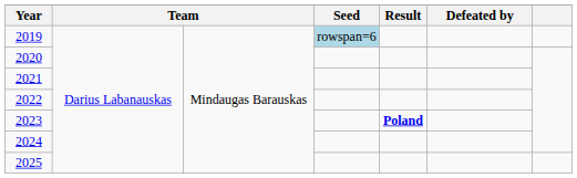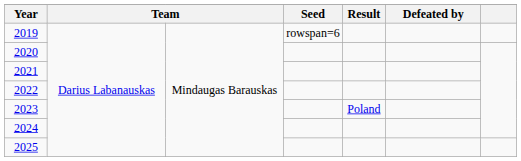 <table class="wikitable" style="text-align: center;">
 <tr style= "background: #e2e2e2;">
 </tr>
 <tr style="background: #efefef;">
 <th width=50px>Year</th>
 <th colspan="2">Team</th>
 <th width=50px>Seed</th>
 <th width=50px>Result</th>
 <th width=120px>Defeated by</th>
 <th width=40px></th>
 </tr>
 <tr>
 <td><a href='#'>2019</a></td>
 <td rowspan=7 width=150px><a href='#'>Darius Labanauskas</a></td>
 <td rowspan=7 width=150px>Mindaugas Barauskas</td>
-<td style="background: lightblue;">rowspan=6 </td>
+<td>rowspan=6 </td>
 <td></td>
 <td> </td>
 <td></td>
 </tr>
 <tr>
 <td><a href='#'>2020</a></td>
 <td></td>
 <td> </td>
 <td></td>
 </tr>
 <tr>
 <td><a href='#'>2021</a></td>
 <td></td>
 <td> </td>
 <td></td>
 </tr>
 <tr>
 <td><a href='#'>2022</a></td>
 <td></td>
 <td> </td>
 <td></td>
 </tr>
 <tr>
 <td><a href='#'>2023</a></td>
 <td></td>
-<td><strong> <a href='#'>Poland</a></strong></td>
+<td> <a href='#'>Poland</a></td>
 <td></td>
 </tr>
 <tr>
 <td><a href='#'>2024</a></td>
 <td></td>
 <td> <br> </td>
 <td></td>
 </tr>
 <tr>
 <td><a href='#'>2025</a></td>
 <td></td>
 <td></td>
 <td></td>
 <td></td>
 </tr>
 </table>
